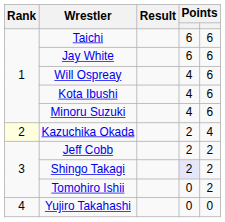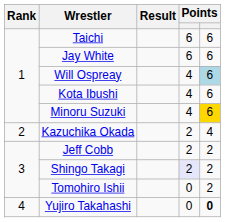 <table class="wikitable mw-collapsible mw-collapsed" plainrowheaders sortable" style="text-align: center">
 <tr>
 <th scope="col" rowspan="2">Rank</th>
 <th scope="col" rowspan="2">Wrestler</th>
 <th scope="col" rowspan="2">Result</th>
 <th scope="col" colspan="2">Points</th>
 </tr>
 <tr>
 <th></th>
 <th></th>
 </tr>
 <tr>
 <td rowspan="5">1</td>
 <td><a href='#'>Taichi</a></td>
 <td></td>
 <td>6</td>
 <td>6</td>
 </tr>
 <tr>
 <td><a href='#'>Jay White</a></td>
 <td></td>
 <td>6</td>
 <td>6</td>
 </tr>
 <tr>
 <td><a href='#'>Will Ospreay</a></td>
 <td></td>
 <td>4</td>
-<td>6</td>
+<td style="background: lightblue;">6</td>
 </tr>
 <tr>
 <td><a href='#'>Kota Ibushi</a></td>
 <td></td>
 <td>4</td>
 <td>6</td>
 </tr>
 <tr>
 <td><a href='#'>Minoru Suzuki</a></td>
 <td></td>
 <td>4</td>
-<td>6</td>
+<td style="background: gold;">6</td>
 </tr>
 <tr>
-<td style="background: lightyellow;">2</td>
+<td>2</td>
 <td><a href='#'>Kazuchika Okada</a></td>
 <td></td>
 <td>2</td>
 <td>4</td>
 </tr>
 <tr>
 <td rowspan="3">3</td>
 <td><a href='#'>Jeff Cobb</a></td>
 <td></td>
 <td>2</td>
 <td>2</td>
 </tr>
 <tr>
 <td><a href='#'>Shingo Takagi</a></td>
 <td></td>
 <td style="background: lavender;">2</td>
 <td>2</td>
 </tr>
 <tr>
 <td><a href='#'>Tomohiro Ishii</a></td>
 <td></td>
 <td>0</td>
 <td>2</td>
 </tr>
 <tr>
 <td>4</td>
 <td><a href='#'>Yujiro Takahashi</a></td>
 <td></td>
 <td>0</td>
-<td>0</td>
+<td><strong>0</strong></td>
 </tr>
 </table>
